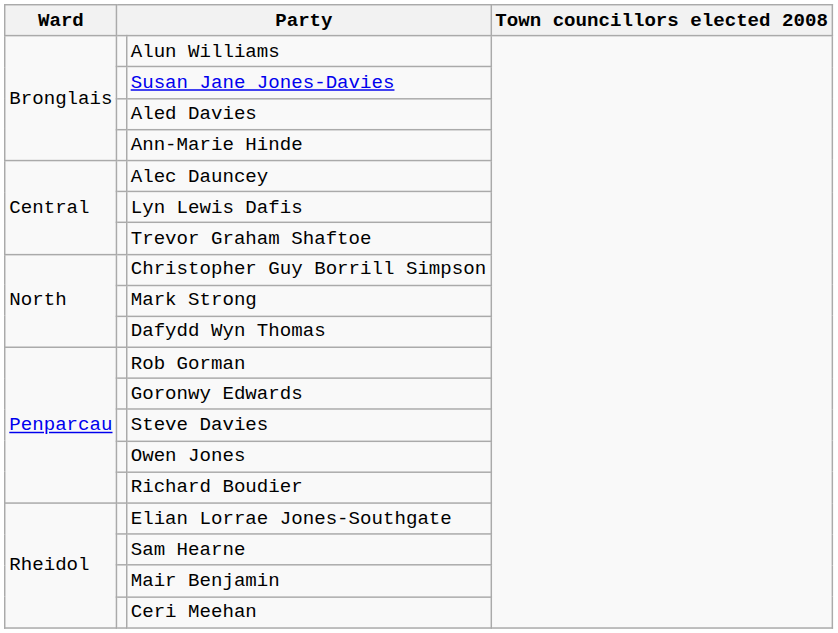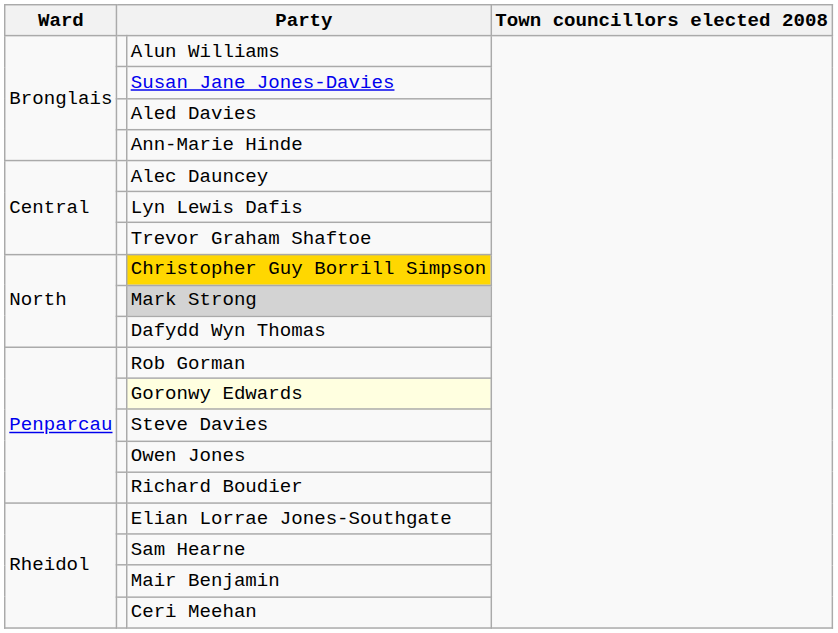 <table class="wikitable">
 <tr>
 <th>Ward</th>
 <th colspan=2>Party</th>
 <th>Town councillors elected 2008</th>
 </tr>
 <tr>
 <td rowspan="4">Bronglais</td>
 <td></td>
 <td>Alun Williams</td>
 </tr>
 <tr>
 <td></td>
 <td><a href='#'>Susan Jane Jones-Davies</a></td>
 </tr>
 <tr>
 <td></td>
 <td>Aled Davies</td>
 </tr>
 <tr>
 <td></td>
 <td>Ann-Marie Hinde</td>
 </tr>
 <tr>
 <td rowspan="3">Central</td>
 <td></td>
 <td>Alec Dauncey</td>
 </tr>
 <tr>
 <td></td>
 <td>Lyn Lewis Dafis</td>
 </tr>
 <tr>
 <td></td>
 <td>Trevor Graham Shaftoe</td>
 </tr>
 <tr>
 <td rowspan="3">North</td>
 <td></td>
-<td>Christopher Guy Borrill Simpson</td>
+<td style="background: gold;">Christopher Guy Borrill Simpson</td>
 </tr>
 <tr>
 <td></td>
-<td>Mark Strong</td>
+<td style="background: lightgrey;">Mark Strong</td>
 </tr>
 <tr>
 <td></td>
 <td>Dafydd Wyn Thomas</td>
 </tr>
 <tr>
 <td rowspan="5"><a href='#'>Penparcau</a></td>
 <td></td>
 <td>Rob Gorman</td>
 </tr>
 <tr>
 <td></td>
-<td>Goronwy Edwards</td>
+<td style="background: lightyellow;">Goronwy Edwards</td>
 </tr>
 <tr>
 <td></td>
 <td>Steve Davies</td>
 </tr>
 <tr>
 <td></td>
 <td>Owen Jones</td>
 </tr>
 <tr>
 <td></td>
 <td>Richard Boudier</td>
 </tr>
 <tr>
 <td rowspan="4">Rheidol</td>
 <td></td>
 <td>Elian Lorrae Jones-Southgate</td>
 </tr>
 <tr>
 <td></td>
 <td>Sam Hearne</td>
 </tr>
 <tr>
 <td></td>
 <td>Mair Benjamin</td>
 </tr>
 <tr>
 <td></td>
 <td>Ceri Meehan</td>
 </tr>
 </table>
